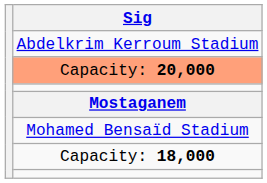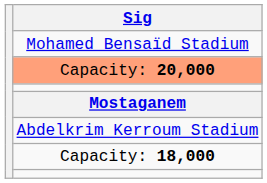 <table class="wikitable" style="margin:1em auto; text-align:center">
 <tr>
 <th rowspan="8" colspan="2"></th>
 <th><a href='#'>Sig</a></th>
 </tr>
 <tr>
-<td><a href='#'>Abdelkrim Kerroum Stadium</a></td>
+<td><a href='#'>Mohamed Bensaïd Stadium</a></td>
 </tr>
 <tr>
 <td style="background: lightsalmon;">Capacity: <strong>20,000</strong></td>
 </tr>
 <tr>
 <td></td>
 </tr>
 <tr>
 <th><a href='#'>Mostaganem</a></th>
 </tr>
 <tr>
-<td><a href='#'>Mohamed Bensaïd Stadium</a></td>
+<td><a href='#'>Abdelkrim Kerroum Stadium</a></td>
 </tr>
 <tr>
 <td>Capacity: <strong>18,000</strong></td>
 </tr>
 <tr>
 <td></td>
 </tr>
 </table>
